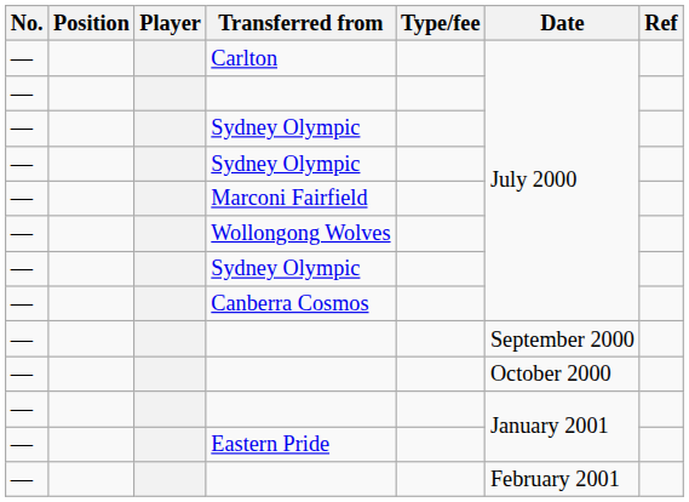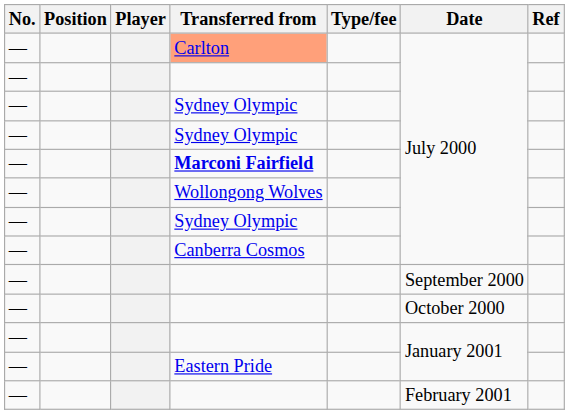 <table class="wikitable plainrowheaders sortable" style="text-align:center; text-align:left">
 <tr>
 <th scope="col">No.</th>
 <th scope="col">Position</th>
 <th scope="col">Player</th>
 <th scope="col">Transferred from</th>
 <th scope="col">Type/fee</th>
 <th scope="col">Date</th>
 <th scope="col" class="unsortable">Ref</th>
 </tr>
 <tr>
 <td>—</td>
 <td></td>
 <th scope="row"></th>
-<td><a href='#'>Carlton</a></td>
+<td style="background: lightsalmon;"><a href='#'>Carlton</a></td>
 <td></td>
 <td rowspan="8">July 2000</td>
 <td></td>
 </tr>
 <tr>
 <td>—</td>
 <td></td>
 <th scope="row"></th>
 <td></td>
 <td></td>
 <td></td>
 </tr>
 <tr>
 <td>—</td>
 <td></td>
 <th scope="row"></th>
 <td><a href='#'>Sydney Olympic</a></td>
 <td></td>
 <td></td>
 </tr>
 <tr>
 <td>—</td>
 <td></td>
 <th scope="row"></th>
 <td><a href='#'>Sydney Olympic</a></td>
 <td></td>
 <td></td>
 </tr>
 <tr>
 <td>—</td>
 <td></td>
 <th scope="row"></th>
-<td><a href='#'>Marconi Fairfield</a></td>
+<td><strong><a href='#'>Marconi Fairfield</a></strong></td>
 <td></td>
 <td></td>
 </tr>
 <tr>
 <td>—</td>
 <td></td>
 <th scope="row"></th>
 <td><a href='#'>Wollongong Wolves</a></td>
 <td></td>
 <td></td>
 </tr>
 <tr>
 <td>—</td>
 <td></td>
 <th scope="row"></th>
 <td><a href='#'>Sydney Olympic</a></td>
 <td></td>
 <td></td>
 </tr>
 <tr>
 <td>—</td>
 <td></td>
 <th scope="row"></th>
 <td><a href='#'>Canberra Cosmos</a></td>
 <td></td>
 <td></td>
 </tr>
 <tr>
 <td>—</td>
 <td></td>
 <th scope="row"></th>
 <td></td>
 <td></td>
 <td>September 2000</td>
 <td></td>
 </tr>
 <tr>
 <td>—</td>
 <td></td>
 <th scope="row"></th>
 <td></td>
 <td></td>
 <td>October 2000</td>
 <td></td>
 </tr>
 <tr>
 <td>—</td>
 <td></td>
 <th scope="row"></th>
 <td></td>
 <td></td>
 <td rowspan="2">January 2001</td>
 <td></td>
 </tr>
 <tr>
 <td>—</td>
 <td></td>
 <th scope="row"></th>
 <td><a href='#'>Eastern Pride</a></td>
 <td></td>
 <td></td>
 </tr>
 <tr>
 <td>—</td>
 <td></td>
 <th scope="row"></th>
 <td></td>
 <td></td>
 <td>February 2001</td>
 <td></td>
 </tr>
 </table>
